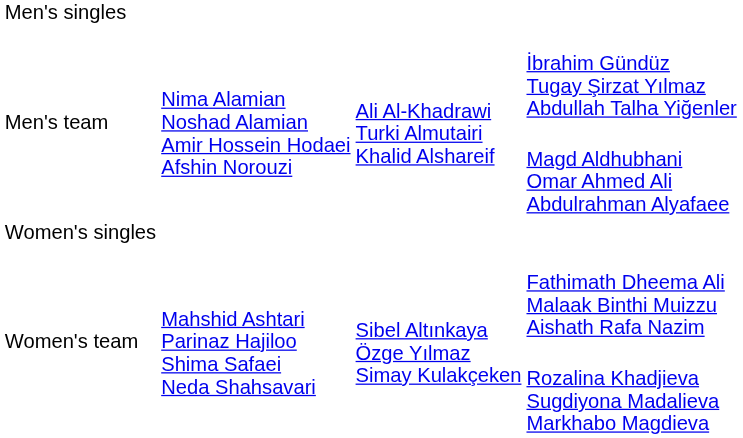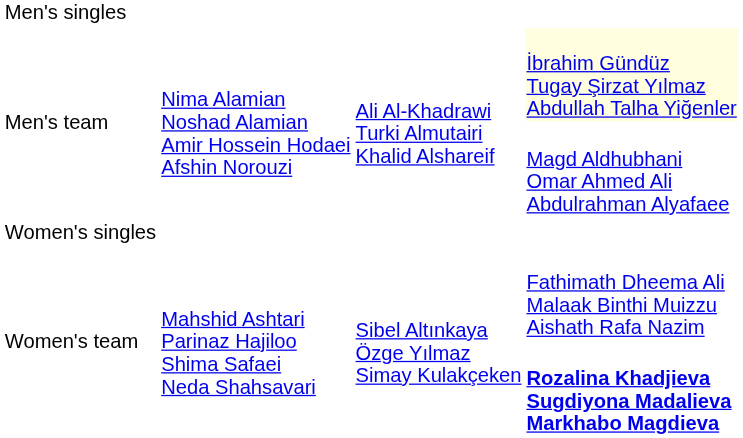 <table>
 <tr>
 <td rowspan=2>Men's singles</td>
 <td rowspan=2></td>
 <td rowspan=2></td>
 <td></td>
 </tr>
 <tr>
 <td></td>
 </tr>
 <tr>
 <td rowspan=2>Men's team</td>
 <td rowspan=2><br><a href='#'>Nima Alamian</a><br><a href='#'>Noshad Alamian</a><br><a href='#'>Amir Hossein Hodaei</a><br><a href='#'>Afshin Norouzi</a></td>
 <td rowspan=2><br><a href='#'>Ali Al-Khadrawi</a><br><a href='#'>Turki Almutairi</a><br><a href='#'>Khalid Alshareif</a></td>
-<td><br><a href='#'>İbrahim Gündüz</a><br><a href='#'>Tugay Şirzat Yılmaz</a><br><a href='#'>Abdullah Talha Yiğenler</a></td>
+<td style="background: lightyellow;"><br><a href='#'>İbrahim Gündüz</a><br><a href='#'>Tugay Şirzat Yılmaz</a><br><a href='#'>Abdullah Talha Yiğenler</a></td>
 </tr>
 <tr>
 <td><br><a href='#'>Magd Aldhubhani</a><br><a href='#'>Omar Ahmed Ali</a><br><a href='#'>Abdulrahman Alyafaee</a></td>
 </tr>
 <tr>
 <td rowspan=2>Women's singles</td>
 <td rowspan=2></td>
 <td rowspan=2></td>
 <td></td>
 </tr>
 <tr>
 <td></td>
 </tr>
 <tr>
 <td rowspan=2>Women's team</td>
 <td rowspan=2><br><a href='#'>Mahshid Ashtari</a><br><a href='#'>Parinaz Hajiloo</a><br><a href='#'>Shima Safaei</a><br><a href='#'>Neda Shahsavari</a></td>
 <td rowspan=2><br><a href='#'>Sibel Altınkaya</a><br><a href='#'>Özge Yılmaz</a><br><a href='#'>Simay Kulakçeken</a></td>
 <td><br><a href='#'>Fathimath Dheema Ali</a><br><a href='#'>Malaak Binthi Muizzu</a><br><a href='#'>Aishath Rafa Nazim</a></td>
 </tr>
 <tr>
-<td><br><a href='#'>Rozalina Khadjieva</a><br><a href='#'>Sugdiyona Madalieva</a><br><a href='#'>Markhabo Magdieva</a></td>
+<td><strong><br><a href='#'>Rozalina Khadjieva</a><br><a href='#'>Sugdiyona Madalieva</a><br><a href='#'>Markhabo Magdieva</a></strong></td>
 </tr>
 </table>
